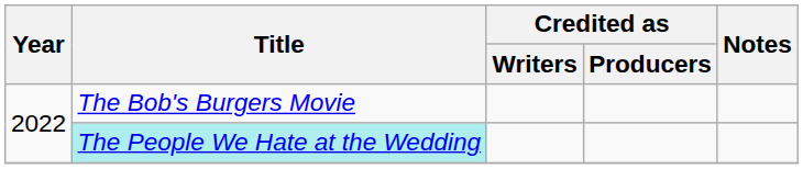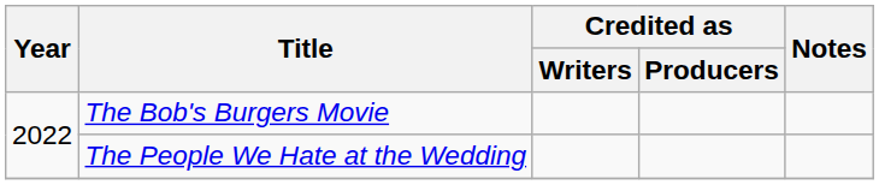 <table class="wikitable">
 <tr>
 <th rowspan="2" style="width:33px;">Year</th>
 <th rowspan="2">Title</th>
 <th colspan="2">Credited as</th>
 <th rowspan="2">Notes</th>
 </tr>
 <tr>
 <th>Writers</th>
 <th>Producers</th>
 </tr>
 <tr>
 <td rowspan="2">2022</td>
 <td><em><a href='#'>The Bob's Burgers Movie</a></em></td>
 <td></td>
 <td></td>
 <td></td>
 </tr>
 <tr>
-<td style="background: paleturquoise;"><em><a href='#'>The People We Hate at the Wedding</a></em></td>
+<td><em><a href='#'>The People We Hate at the Wedding</a></em></td>
 <td></td>
 <td></td>
 <td></td>
 </tr>
 <tr>
 </tr>
 </table>
